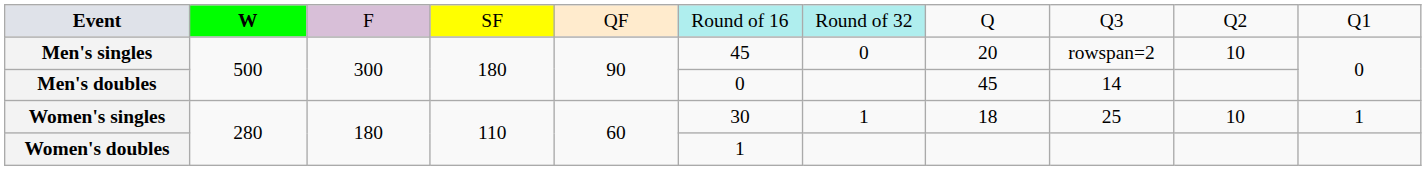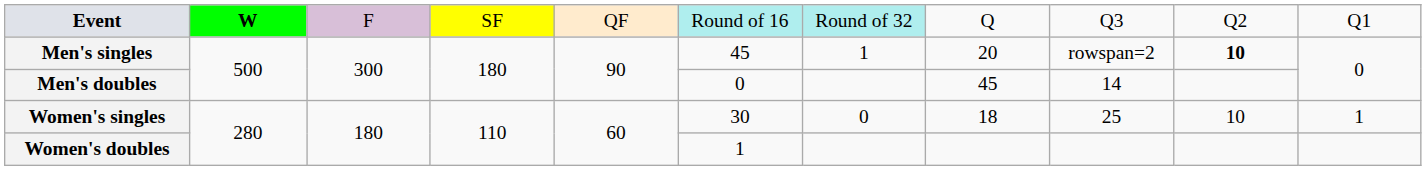 <table class=wikitable style=font-size:90%;text-align:center>
 <tr>
 <td style="width:130px; background:#dfe2e9;"><strong>Event</strong></td>
 <td style="width:80px; background:lime;"><strong>W</strong></td>
 <td style="width:85px; background:thistle;">F</td>
 <td style="width:85px; background:#ff0;">SF</td>
 <td style="width:85px; background:#ffebcd;">QF</td>
 <td style="width:85px; background:#afeeee;">Round of 16</td>
 <td style="width:85px; background:#afeeee;">Round of 32</td>
 <td width=85>Q</td>
 <td width=85>Q3</td>
 <td width=85>Q2</td>
 <td width=85>Q1</td>
 </tr>
 <tr>
 <th style="background:#f3f3f3;">Men's singles</th>
 <td rowspan=2>500</td>
 <td rowspan=2>300</td>
 <td rowspan=2>180</td>
 <td rowspan=2>90</td>
 <td>45</td>
-<td>0</td>
+<td>1</td>
 <td>20</td>
 <td>rowspan=2 </td>
-<td>10</td>
+<td><strong>10</strong></td>
 <td rowspan=2>0</td>
 </tr>
 <tr>
 <th style="background:#f3f3f3;">Men's doubles</th>
 <td>0</td>
 <td></td>
 <td>45</td>
 <td>14</td>
 </tr>
 <tr>
 <th style="background:#f3f3f3;">Women's singles</th>
 <td rowspan=2>280</td>
 <td rowspan=2>180</td>
 <td rowspan=2>110</td>
 <td rowspan=2>60</td>
 <td>30</td>
-<td>1</td>
+<td>0</td>
 <td>18</td>
 <td>25</td>
 <td>10</td>
 <td>1</td>
 </tr>
 <tr>
 <th style="background:#f3f3f3;">Women's doubles</th>
 <td>1</td>
 <td></td>
 <td></td>
 <td></td>
 <td></td>
 <td></td>
 </tr>
 </table>
